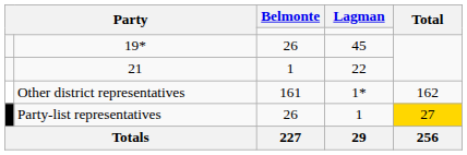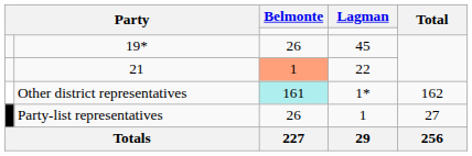 <table class=wikitable width=40% style="text-align:center;">
 <tr>
 <th colspan=2 rowspan=2>Party</th>
 <th width=15%><a href='#'>Belmonte</a></th>
 <th width=15%><a href='#'>Lagman</a></th>
 <th width=15% rowspan=2>Total</th>
 </tr>
 <tr>
 <td></td>
 <td></td>
 </tr>
 <tr>
 <td></td>
 <td>19*</td>
 <td>26</td>
 <td>45</td>
 </tr>
 <tr>
 <td></td>
 <td>21</td>
-<td>1</td>
+<td style="background: lightsalmon;">1</td>
 <td>22</td>
 </tr>
 <tr>
 <td bgcolor=white></td>
 <td align=left>Other district representatives</td>
-<td>161</td>
+<td style="background: paleturquoise;">161</td>
 <td>1*</td>
 <td>162</td>
 </tr>
 <tr>
 <td bgcolor=black></td>
 <td align=left>Party-list representatives</td>
 <td>26</td>
 <td>1</td>
-<td style="background: gold;">27</td>
+<td>27</td>
 </tr>
 <tr>
 <th colspan=2>Totals</th>
 <th>227</th>
 <th>29</th>
 <th>256</th>
 </tr>
 </table>
